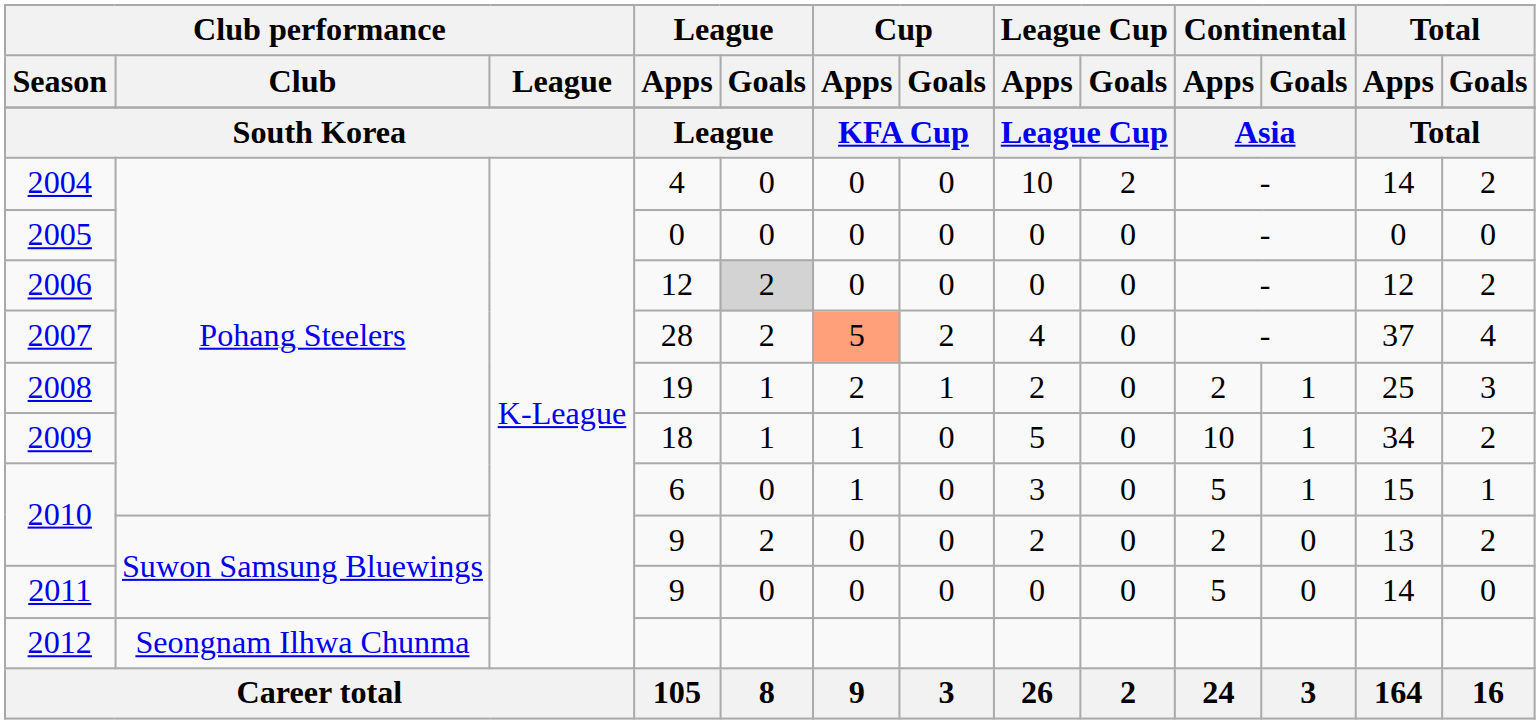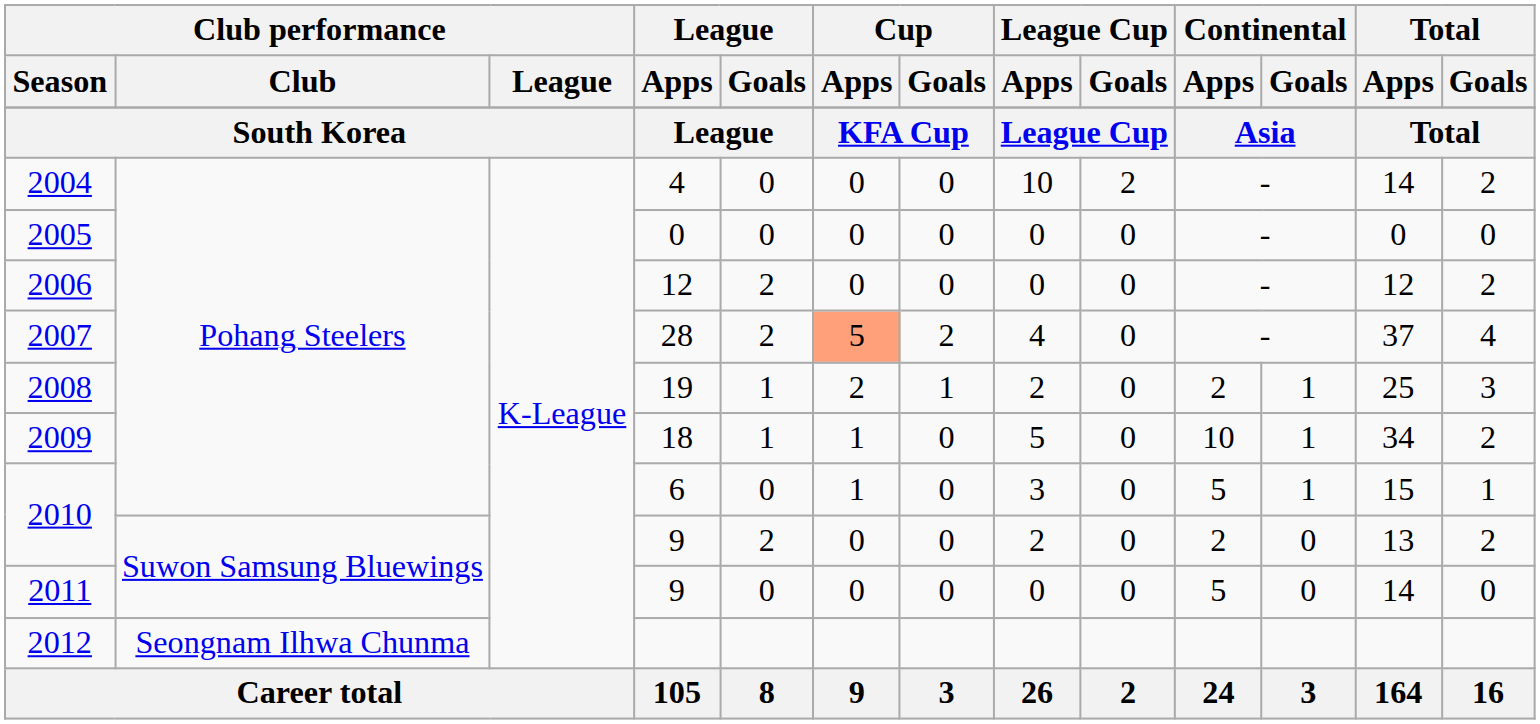 <table class="wikitable" style="text-align:center">
 <tr>
 <th colspan=3>Club performance</th>
 <th colspan=2>League</th>
 <th colspan=2>Cup</th>
 <th colspan=2>League Cup</th>
 <th colspan=2>Continental</th>
 <th colspan=2>Total</th>
 </tr>
 <tr>
 <th>Season</th>
 <th>Club</th>
 <th>League</th>
 <th>Apps</th>
 <th>Goals</th>
 <th>Apps</th>
 <th>Goals</th>
 <th>Apps</th>
 <th>Goals</th>
 <th>Apps</th>
 <th>Goals</th>
 <th>Apps</th>
 <th>Goals</th>
 </tr>
 <tr>
 </tr>
 <tr>
 <th colspan=3>South Korea</th>
 <th colspan=2>League</th>
 <th colspan=2><a href='#'>KFA Cup</a></th>
 <th colspan=2><a href='#'>League Cup</a></th>
 <th colspan=2><a href='#'>Asia</a></th>
 <th colspan=2>Total</th>
 </tr>
 <tr>
 <td><a href='#'>2004</a></td>
 <td rowspan="7"><a href='#'>Pohang Steelers</a></td>
 <td rowspan="10"><a href='#'>K-League</a></td>
 <td>4</td>
 <td>0</td>
 <td>0</td>
 <td>0</td>
 <td>10</td>
 <td>2</td>
 <td colspan="2">-</td>
 <td>14</td>
 <td>2</td>
 </tr>
 <tr>
 <td><a href='#'>2005</a></td>
 <td>0</td>
 <td>0</td>
 <td>0</td>
 <td>0</td>
 <td>0</td>
 <td>0</td>
 <td colspan="2">-</td>
 <td>0</td>
 <td>0</td>
 </tr>
 <tr>
 <td><a href='#'>2006</a></td>
 <td>12</td>
-<td style="background: lightgrey;">2</td>
+<td>2</td>
 <td>0</td>
 <td>0</td>
 <td>0</td>
 <td>0</td>
 <td colspan="2">-</td>
 <td>12</td>
 <td>2</td>
 </tr>
 <tr>
 <td><a href='#'>2007</a></td>
 <td>28</td>
 <td>2</td>
 <td style="background: lightsalmon;">5</td>
 <td>2</td>
 <td>4</td>
 <td>0</td>
 <td colspan="2">-</td>
 <td>37</td>
 <td>4</td>
 </tr>
 <tr>
 <td><a href='#'>2008</a></td>
 <td>19</td>
 <td>1</td>
 <td>2</td>
 <td>1</td>
 <td>2</td>
 <td>0</td>
 <td>2</td>
 <td>1</td>
 <td>25</td>
 <td>3</td>
 </tr>
 <tr>
 <td><a href='#'>2009</a></td>
 <td>18</td>
 <td>1</td>
 <td>1</td>
 <td>0</td>
 <td>5</td>
 <td>0</td>
 <td>10</td>
 <td>1</td>
 <td>34</td>
 <td>2</td>
 </tr>
 <tr>
 <td rowspan=2><a href='#'>2010</a></td>
 <td>6</td>
 <td>0</td>
 <td>1</td>
 <td>0</td>
 <td>3</td>
 <td>0</td>
 <td>5</td>
 <td>1</td>
 <td>15</td>
 <td>1</td>
 </tr>
 <tr>
 <td rowspan=2><a href='#'>Suwon Samsung Bluewings</a></td>
 <td>9</td>
 <td>2</td>
 <td>0</td>
 <td>0</td>
 <td>2</td>
 <td>0</td>
 <td>2</td>
 <td>0</td>
 <td>13</td>
 <td>2</td>
 </tr>
 <tr>
 <td><a href='#'>2011</a></td>
 <td>9</td>
 <td>0</td>
 <td>0</td>
 <td>0</td>
 <td>0</td>
 <td>0</td>
 <td>5</td>
 <td>0</td>
 <td>14</td>
 <td>0</td>
 </tr>
 <tr>
 <td><a href='#'>2012</a></td>
 <td rowspan="1"><a href='#'>Seongnam Ilhwa Chunma</a></td>
 <td></td>
 <td></td>
 <td></td>
 <td></td>
 <td></td>
 <td></td>
 <td></td>
 <td></td>
 <td></td>
 <td></td>
 </tr>
 <tr>
 <th colspan=3>Career total</th>
 <th>105</th>
 <th>8</th>
 <th>9</th>
 <th>3</th>
 <th>26</th>
 <th>2</th>
 <th>24</th>
 <th>3</th>
 <th>164</th>
 <th>16</th>
 </tr>
 </table>
